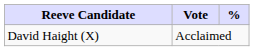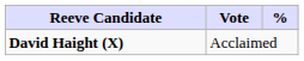 <table class="wikitable">
 <tr>
 <th style="background:#ddf; width:200px;">Reeve Candidate</th>
 <th style="background:#ddf; width:50px;">Vote</th>
 <th style="background:#ddf; width:30px;">%</th>
 </tr>
 <tr>
-<td>David Haight (X)</td>
+<td><strong>David Haight (X)</strong></td>
 <td colspan="2">Acclaimed</td>
 </tr>
 </table>
